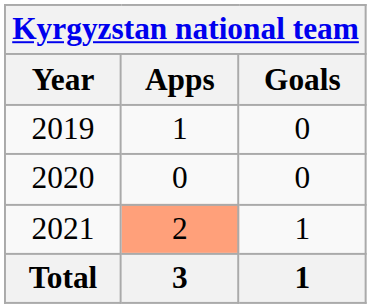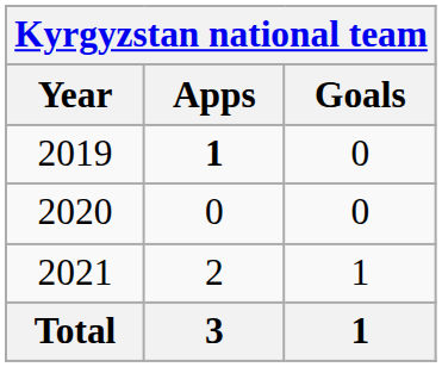 <table class="wikitable" style="text-align:center">
 <tr>
 <th colspan=3><a href='#'>Kyrgyzstan national team</a></th>
 </tr>
 <tr>
 <th>Year</th>
 <th>Apps</th>
 <th>Goals</th>
 </tr>
 <tr>
 <td>2019</td>
-<td>1</td>
+<td><strong>1</strong></td>
 <td>0</td>
 </tr>
 <tr>
 <td>2020</td>
 <td>0</td>
 <td>0</td>
 </tr>
 <tr>
 <td>2021</td>
-<td style="background: lightsalmon;">2</td>
+<td>2</td>
 <td>1</td>
 </tr>
 <tr>
 <th>Total</th>
 <th>3</th>
 <th>1</th>
 </tr>
 </table>
